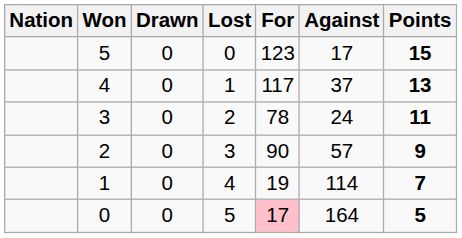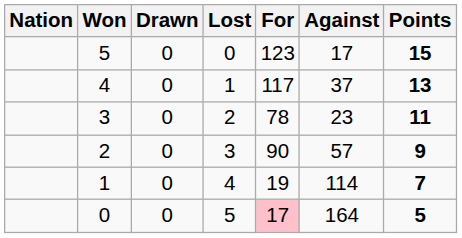 <table class="wikitable" style="text-align: center;">
 <tr>
 <th>Nation</th>
 <th>Won</th>
 <th>Drawn</th>
 <th>Lost</th>
 <th>For</th>
 <th>Against</th>
 <th>Points</th>
 </tr>
 <tr>
 <td align="left"></td>
 <td>5</td>
 <td>0</td>
 <td>0</td>
 <td>123</td>
 <td>17</td>
 <td><strong>15</strong></td>
 </tr>
 <tr>
 <td align="left"></td>
 <td>4</td>
 <td>0</td>
 <td>1</td>
 <td>117</td>
 <td>37</td>
 <td><strong>13</strong></td>
 </tr>
 <tr>
 <td align="left"></td>
 <td>3</td>
 <td>0</td>
 <td>2</td>
 <td>78</td>
-<td>24</td>
+<td>23</td>
 <td><strong>11</strong></td>
 </tr>
 <tr>
 <td align="left"></td>
 <td>2</td>
 <td>0</td>
 <td>3</td>
 <td>90</td>
 <td>57</td>
 <td><strong>9</strong></td>
 </tr>
 <tr>
 <td align="left"></td>
 <td>1</td>
 <td>0</td>
 <td>4</td>
 <td>19</td>
 <td>114</td>
 <td><strong>7</strong></td>
 </tr>
 <tr>
 <td align="left"></td>
 <td>0</td>
 <td>0</td>
 <td>5</td>
 <td style="background: pink;">17</td>
 <td>164</td>
 <td><strong>5</strong></td>
 </tr>
 </table>
